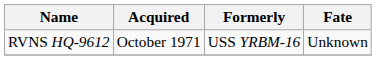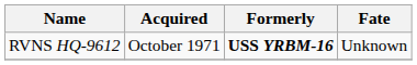 <table class="wikitable" style="font-size:95%;">
 <tr>
 <th>Name</th>
 <th>Acquired</th>
 <th>Formerly</th>
 <th>Fate</th>
 </tr>
 <tr>
 <td>RVNS <em>HQ-9612</em></td>
 <td>October 1971</td>
-<td>USS <em>YRBM-16</em></td>
+<td><strong>USS <em>YRBM-16</em></strong></td>
 <td>Unknown</td>
 </tr>
 <tr>
 </tr>
 </table>
